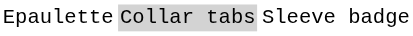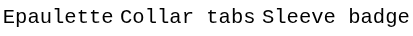 <table align="links">
 <tr>
 <td></td>
 <td></td>
 <td></td>
 </tr>
 <tr>
 <td align="center">Epaulette</td>
-<td align="center" style="background: lightgrey;">Collar tabs</td>
+<td align="center">Collar tabs</td>
 <td align="center">Sleeve badge</td>
 </tr>
 <tr>
 </tr>
 </table>
